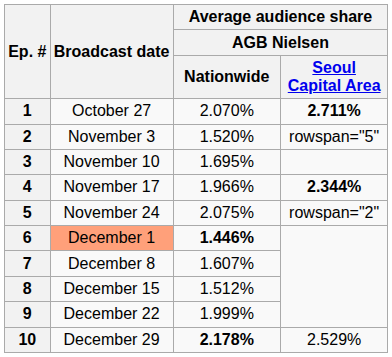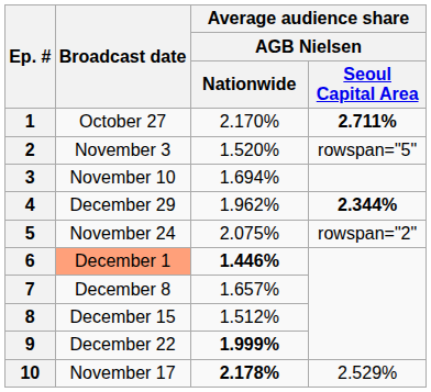 <table class="wikitable" style="text-align:center">
 <tr>
 <th rowspan="3">Ep. #</th>
 <th rowspan="3">Broadcast date</th>
 <th colspan="2">Average audience share</th>
 </tr>
 <tr>
 <th colspan="2">AGB Nielsen</th>
 </tr>
 <tr>
 <th width=100>Nationwide</th>
 <th width=100><a href='#'>Seoul Capital Area</a></th>
 </tr>
 <tr>
 <th>1</th>
 <td>October 27</td>
-<td>2.070%</td>
+<td>2.170%</td>
 <td><span><strong>2.711%</strong></span></td>
 </tr>
 <tr>
 <th>2</th>
 <td>November 3</td>
 <td>1.520%</td>
 <td>rowspan="5" </td>
 </tr>
 <tr>
 <th>3</th>
 <td>November 10</td>
-<td>1.695%</td>
+<td>1.694%</td>
 </tr>
 <tr>
 <th>4</th>
-<td>November 17</td>
-<td>1.966%</td>
+<td>December 29</td>
+<td>1.962%</td>
 <td><span><strong>2.344%</strong></span></td>
 </tr>
 <tr>
 <th>5</th>
 <td>November 24</td>
 <td>2.075%</td>
 <td>rowspan="2" </td>
 </tr>
 <tr>
 <th>6</th>
 <td style="background: lightsalmon;">December 1</td>
 <td><span><strong>1.446%</strong></span></td>
 </tr>
 <tr>
 <th>7</th>
 <td>December 8</td>
-<td>1.607%</td>
+<td>1.657%</td>
 </tr>
 <tr>
 <th>8</th>
 <td>December 15</td>
 <td>1.512%</td>
 </tr>
 <tr>
 <th>9</th>
 <td>December 22</td>
-<td>1.999%</td>
+<td><strong>1.999%</strong></td>
 </tr>
 <tr>
 <th>10</th>
-<td>December 29</td>
+<td>November 17</td>
 <td><span><strong>2.178%</strong></span></td>
 <td>2.529%</td>
 </tr>
 <tr>
 </tr>
 </table>
